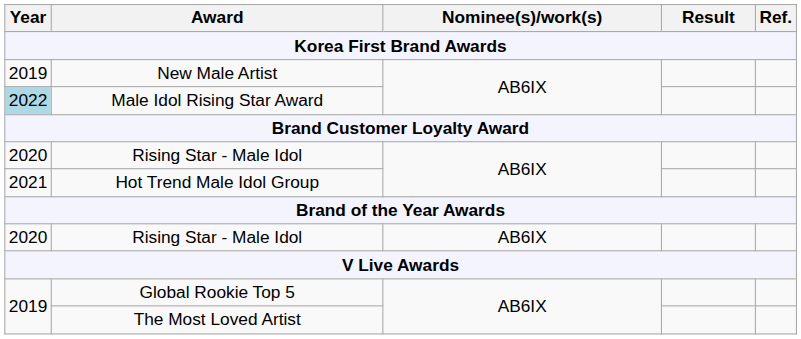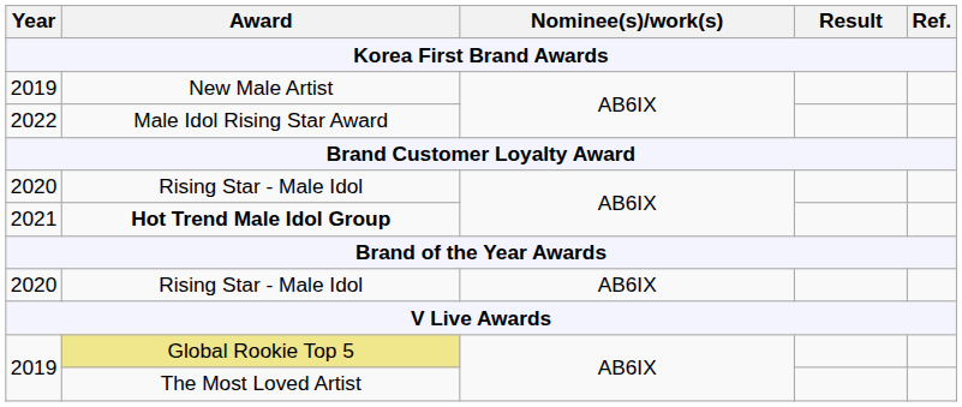 <table class="wikitable" style="text-align: center; float: center; margin: 0 0 0.5em 1em;">
 <tr>
 <th width="30">Year</th>
 <th style="width:300px;">Award</th>
 <th style="width:250px;">Nominee(s)/work(s)</th>
 <th width="80">Result</th>
 <th>Ref.</th>
 </tr>
 <tr>
 <td colspan="5" style="text-align:center; background:#f4f4ff;"><strong>Korea First Brand Awards</strong></td>
 </tr>
 <tr>
 <td>2019</td>
 <td>New Male Artist</td>
 <td rowspan="2">AB6IX</td>
 <td></td>
 <td></td>
 </tr>
 <tr>
-<td style="background: lightblue;">2022</td>
+<td>2022</td>
 <td>Male Idol Rising Star Award</td>
 <td></td>
 <td></td>
 </tr>
 <tr>
 <td colspan="5" style="text-align:center; background:#f4f4ff;"><strong>Brand Customer Loyalty Award</strong></td>
 </tr>
 <tr>
 <td>2020</td>
 <td>Rising Star - Male Idol</td>
 <td rowspan="2">AB6IX</td>
 <td></td>
 <td></td>
 </tr>
 <tr>
 <td>2021</td>
-<td>Hot Trend Male Idol Group</td>
+<td><strong>Hot Trend Male Idol Group</strong></td>
 <td></td>
 <td align=center></td>
 </tr>
 <tr>
 <td colspan="5" style="text-align:center; background:#f4f4ff;"><strong>Brand of the Year Awards</strong></td>
 </tr>
 <tr>
 <td>2020</td>
 <td>Rising Star - Male Idol</td>
 <td>AB6IX</td>
 <td></td>
 <td></td>
 </tr>
 <tr>
 <td colspan="5" style="text-align:center; background:#f4f4ff;"><strong>V Live Awards</strong></td>
 </tr>
 <tr>
 <td rowspan="2">2019</td>
-<td>Global Rookie Top 5</td>
+<td style="background: khaki;">Global Rookie Top 5</td>
 <td rowspan="2">AB6IX</td>
 <td></td>
 <td></td>
 </tr>
 <tr>
 <td>The Most Loved Artist</td>
 <td></td>
 <td></td>
 </tr>
 </table>
